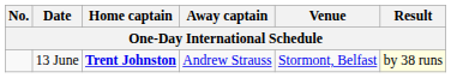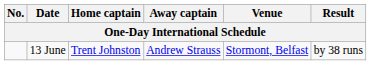 <table class="wikitable">
 <tr style="background:#efefef;">
 <th>No.</th>
 <th>Date</th>
 <th>Home captain</th>
 <th>Away captain</th>
 <th>Venue</th>
 <th>Result</th>
 </tr>
 <tr>
 <th colspan="6">One-Day International Schedule</th>
 </tr>
 <tr>
 <td></td>
 <td>13 June</td>
-<td><strong><a href='#'>Trent Johnston</a></strong></td>
+<td><a href='#'>Trent Johnston</a></td>
 <td><a href='#'>Andrew Strauss</a></td>
 <td><a href='#'>Stormont, Belfast</a></td>
-<td style="background: lightyellow;"> by 38 runs</td>
+<td> by 38 runs</td>
 </tr>
 </table>
